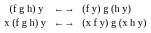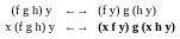 <table>
 <tr>
 <td>   </td>
 <td>  (f g h) y</td>
 <td>  ←→  </td>
 <td>(f y) g (h y)</td>
 </tr>
 <tr>
 <td>   </td>
 <td>x (f g h) y</td>
 <td>  ←→  </td>
-<td>(x f y) g (x h y)</td>
+<td><strong>(x f y) g (x h y)</strong></td>
 </tr>
 </table>
